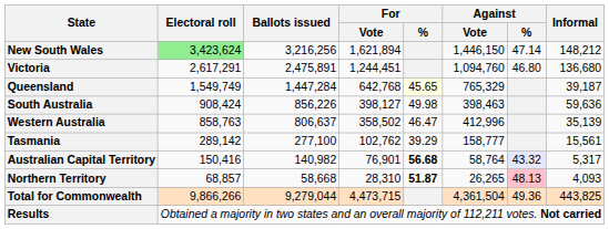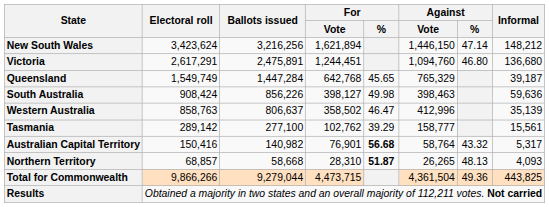 <table class="wikitable">
 <tr align=center>
 <th rowspan="2">State</th>
 <th rowspan="2">Electoral roll</th>
 <th rowspan="2">Ballots issued</th>
 <th align=center colspan="2">For</th>
 <th align=center colspan="2">Against</th>
 <th align=center rowspan="2">Informal</th>
 </tr>
 <tr>
 <th align=center>Vote</th>
 <th align=center>%</th>
 <th align=center>Vote</th>
 <th align=center>%</th>
 </tr>
 <tr align="right">
 <th style="text-align:left;">New South Wales</th>
-<td style="background: lightgreen;">3,423,624</td>
+<td>3,423,624</td>
 <td>3,216,256</td>
 <td>1,621,894</td>
 <th></th>
 <td>1,446,150</td>
 <td align="center">47.14</td>
 <td>148,212</td>
 </tr>
 <tr align="right">
 <th style="text-align:left;">Victoria</th>
 <td>2,617,291</td>
 <td>2,475,891</td>
 <td>1,244,451</td>
 <th></th>
 <td>1,094,760</td>
 <td align="center">46.80</td>
 <td>136,680</td>
 </tr>
 <tr align="right">
 <th style="text-align:left;">Queensland</th>
 <td>1,549,749</td>
 <td>1,447,284</td>
 <td>642,768</td>
-<td align="center" style="background: lightyellow;">45.65</td>
+<td align="center">45.65</td>
 <td>765,329</td>
 <th></th>
 <td>39,187</td>
 </tr>
 <tr align="right">
 <th style="text-align:left;">South Australia</th>
 <td>908,424</td>
 <td>856,226</td>
 <td>398,127</td>
 <td align="center">49.98</td>
 <td>398,463</td>
 <th></th>
 <td>59,636</td>
 </tr>
 <tr align="right">
 <th style="text-align:left;">Western Australia</th>
 <td>858,763</td>
 <td>806,637</td>
 <td>358,502</td>
 <td align="center">46.47</td>
 <td>412,996</td>
 <th></th>
 <td>35,139</td>
 </tr>
 <tr align="right">
 <th style="text-align:left;">Tasmania</th>
 <td>289,142</td>
 <td>277,100</td>
 <td>102,762</td>
 <td align="center">39.29</td>
 <td>158,777</td>
 <th></th>
 <td>15,561</td>
 </tr>
 <tr align="right">
 <th style="text-align:left;">Australian Capital Territory</th>
 <td>150,416</td>
 <td>140,982</td>
 <td>76,901</td>
 <td align="center"><strong>56.68</strong></td>
 <td>58,764</td>
-<td align="center" style="background: lavender;">43.32</td>
+<td align="center">43.32</td>
 <td>5,317</td>
 </tr>
 <tr align="right">
 <th style="text-align:left;">Northern Territory</th>
 <td>68,857</td>
 <td>58,668</td>
 <td>28,310</td>
 <td align="center"><strong>51.87</strong></td>
 <td>26,265</td>
-<td align="center" style="background: pink;">48.13</td>
+<td align="center">48.13</td>
 <td>4,093</td>
 </tr>
 <tr bgcolor="#FFE0C0" align="right">
 <th style="text-align:left">Total for Commonwealth</th>
 <td>9,866,266</td>
 <td>9,279,044</td>
 <td>4,473,715</td>
 <th></th>
 <td>4,361,504</td>
 <td align="center">49.36</td>
 <td>443,825</td>
 </tr>
 <tr>
 <th style="text-align:left;">Results</th>
 <td colSpan="8"><em>Obtained a majority in two states and an overall majority of 112,211 votes.</em> <strong>Not carried</strong></td>
 </tr>
 </table>
